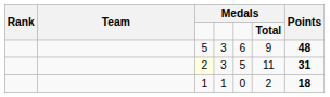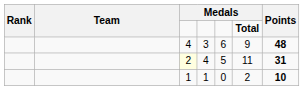 <table class="wikitable">
 <tr>
 <th rowspan=2>Rank</th>
 <th style="width:220px;" rowspan="2">Team</th>
 <th colspan=4>Medals</th>
 <th rowspan=2>Points</th>
 </tr>
 <tr style="text-align:center;">
 <td style="width:20px; "></td>
 <td style="width:20px; "></td>
 <td style="width:20px; "></td>
 <td style="width:40px; "><strong>Total</strong></td>
 </tr>
 <tr>
 <td align=center></td>
 <td></td>
-<td align=center>5</td>
+<td align=center>4</td>
 <td align=center>3</td>
 <td align=center>6</td>
 <td align=center>9</td>
 <td align=center><strong>48</strong></td>
 </tr>
 <tr>
 <td align=center></td>
 <td></td>
 <td align=center style="background: lightyellow;">2</td>
-<td align=center>3</td>
+<td align=center>4</td>
 <td align=center>5</td>
 <td align=center>11</td>
 <td align=center><strong>31</strong></td>
 </tr>
 <tr>
 <td align=center></td>
 <td></td>
 <td align=center>1</td>
 <td align=center>1</td>
 <td align=center>0</td>
 <td align=center>2</td>
-<td align=center><strong>18</strong></td>
+<td align=center><strong>10</strong></td>
 </tr>
 </table>
